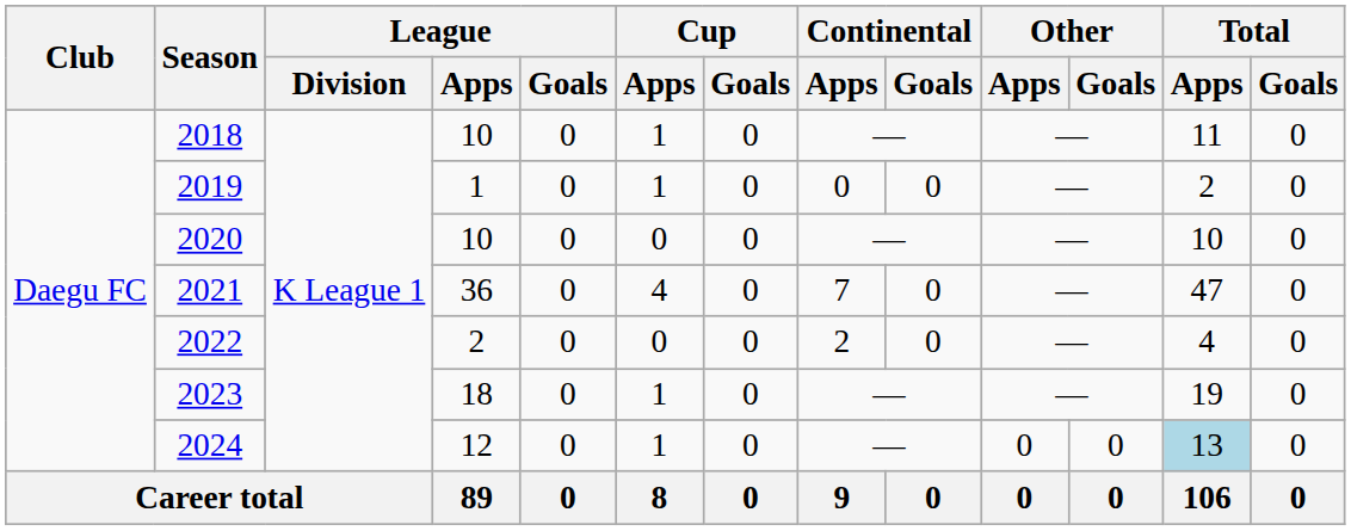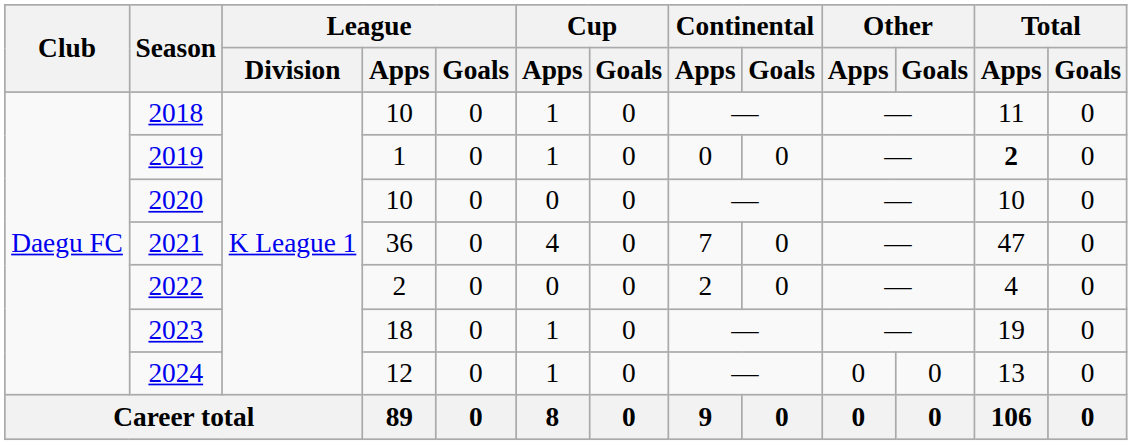 <table class="wikitable" style="text-align:center">
 <tr>
 <th rowspan=2>Club</th>
 <th rowspan=2>Season</th>
 <th colspan=3>League</th>
 <th colspan=2>Cup</th>
 <th colspan=2>Continental</th>
 <th colspan=2>Other</th>
 <th colspan=2>Total</th>
 </tr>
 <tr>
 <th>Division</th>
 <th>Apps</th>
 <th>Goals</th>
 <th>Apps</th>
 <th>Goals</th>
 <th>Apps</th>
 <th>Goals</th>
 <th>Apps</th>
 <th>Goals</th>
 <th>Apps</th>
 <th>Goals</th>
 </tr>
 <tr>
 <td rowspan="7"><a href='#'>Daegu FC</a></td>
 <td><a href='#'>2018</a></td>
 <td rowspan="7"><a href='#'>K League 1</a></td>
 <td>10</td>
 <td>0</td>
 <td>1</td>
 <td>0</td>
 <td colspan="2">—</td>
 <td colspan="2">—</td>
 <td>11</td>
 <td>0</td>
 </tr>
 <tr>
 <td><a href='#'>2019</a></td>
 <td>1</td>
 <td>0</td>
 <td>1</td>
 <td>0</td>
 <td>0</td>
 <td>0</td>
 <td colspan="2">—</td>
-<td>2</td>
+<td><strong>2</strong></td>
 <td>0</td>
 </tr>
 <tr>
 <td><a href='#'>2020</a></td>
 <td>10</td>
 <td>0</td>
 <td>0</td>
 <td>0</td>
 <td colspan="2">—</td>
 <td colspan="2">—</td>
 <td>10</td>
 <td>0</td>
 </tr>
 <tr>
 <td><a href='#'>2021</a></td>
 <td>36</td>
 <td>0</td>
 <td>4</td>
 <td>0</td>
 <td>7</td>
 <td>0</td>
 <td colspan="2">—</td>
 <td>47</td>
 <td>0</td>
 </tr>
 <tr>
 <td><a href='#'>2022</a></td>
 <td>2</td>
 <td>0</td>
 <td>0</td>
 <td>0</td>
 <td>2</td>
 <td>0</td>
 <td colspan="2">—</td>
 <td>4</td>
 <td>0</td>
 </tr>
 <tr>
 <td><a href='#'>2023</a></td>
 <td>18</td>
 <td>0</td>
 <td>1</td>
 <td>0</td>
 <td colspan="2">—</td>
 <td colspan="2">—</td>
 <td>19</td>
 <td>0</td>
 </tr>
 <tr>
 <td><a href='#'>2024</a></td>
 <td>12</td>
 <td>0</td>
 <td>1</td>
 <td>0</td>
 <td colspan="2">—</td>
 <td>0</td>
 <td>0</td>
-<td style="background: lightblue;">13</td>
+<td>13</td>
 <td>0</td>
 </tr>
 <tr>
 <th colspan=3>Career total</th>
 <th>89</th>
 <th>0</th>
 <th>8</th>
 <th>0</th>
 <th>9</th>
 <th>0</th>
 <th>0</th>
 <th>0</th>
 <th>106</th>
 <th>0</th>
 </tr>
 </table>
